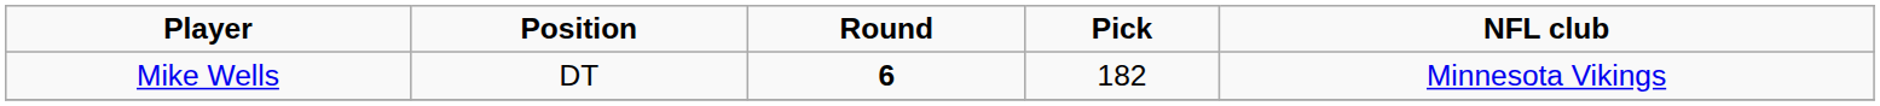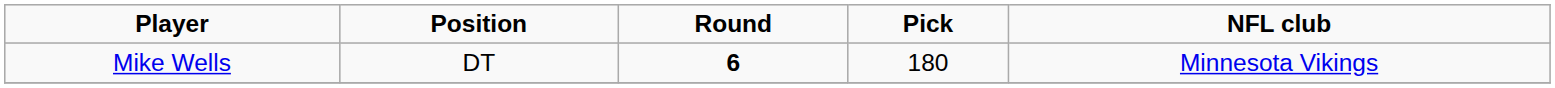 <table class="wikitable" width="80%">
 <tr align="center">
 <td><strong>Player</strong></td>
 <td><strong>Position</strong></td>
 <td><strong>Round</strong></td>
 <td><strong>Pick</strong></td>
 <td><strong>NFL club</strong></td>
 </tr>
 <tr align="center" bgcolor="">
 <td><a href='#'>Mike Wells</a></td>
 <td>DT</td>
 <td><strong>6</strong></td>
-<td>182</td>
+<td>180</td>
 <td><a href='#'>Minnesota Vikings</a></td>
 </tr>
 <tr align="center" bgcolor="">
 </tr>
 </table>
